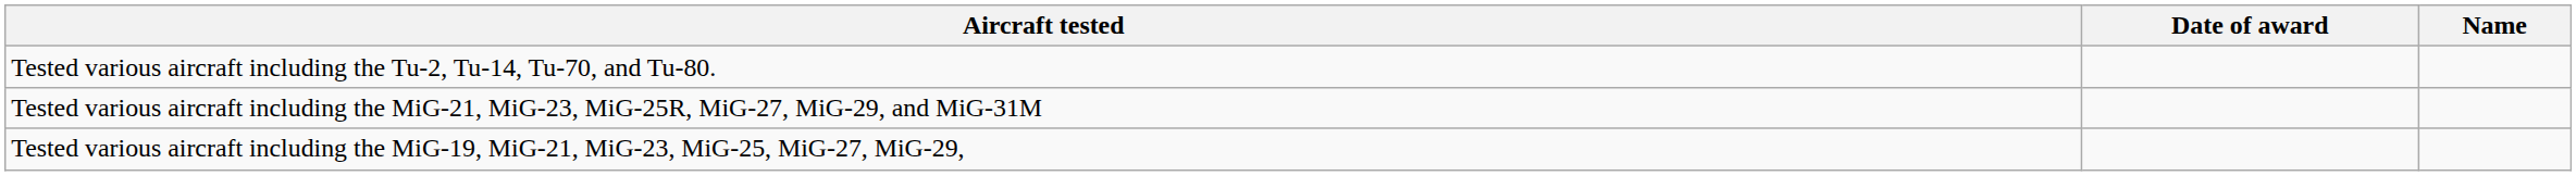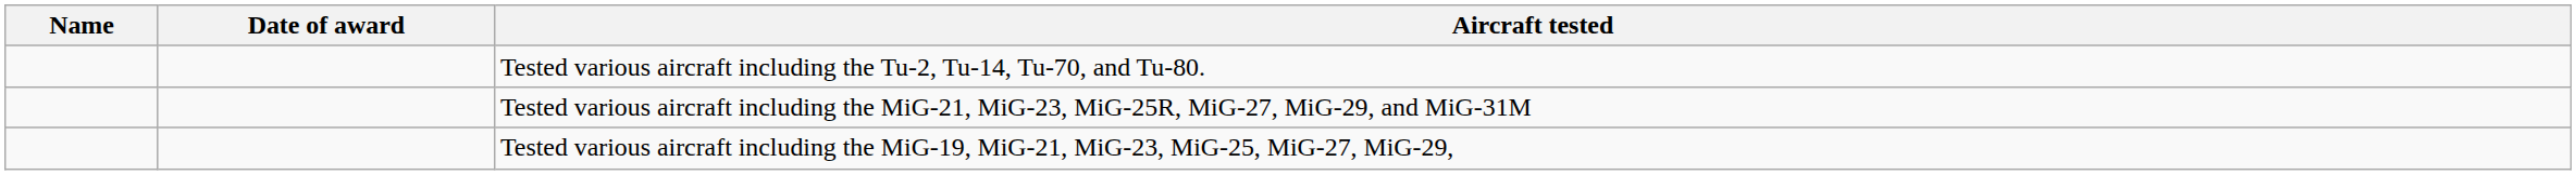 <table class="wikitable sortable" width="100%">
 <tr>
+<th>Name</th>
+<th>Date of award</th>
 <th>Aircraft tested</th>
-<th>Date of award</th>
-<th>Name</th>
 </tr>
 <tr>
+<td><strong></strong><br></td>
+<td></td>
 <td>Tested various aircraft including the Tu-2, Tu-14, Tu-70, and Tu-80.</td>
-<td></td>
-<td><strong></strong><br></td>
 </tr>
 <tr>
+<td><strong></strong><br></td>
+<td></td>
 <td>Tested various aircraft including the MiG-21, MiG-23, MiG-25R, MiG-27, MiG-29, and MiG-31M</td>
-<td></td>
-<td><strong></strong><br></td>
 </tr>
 <tr>
+<td><strong></strong><br></td>
+<td></td>
 <td>Tested various aircraft including the MiG-19, MiG-21, MiG-23, MiG-25, MiG-27, MiG-29,</td>
-<td></td>
-<td><strong></strong><br></td>
 </tr>
 </table>
